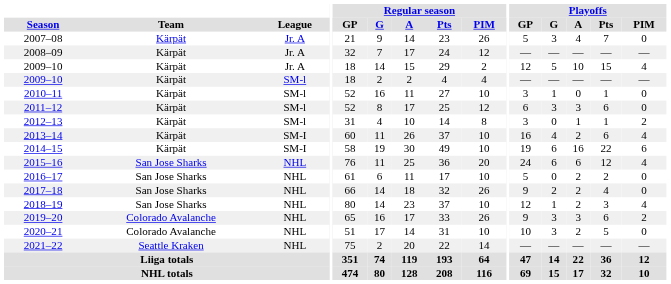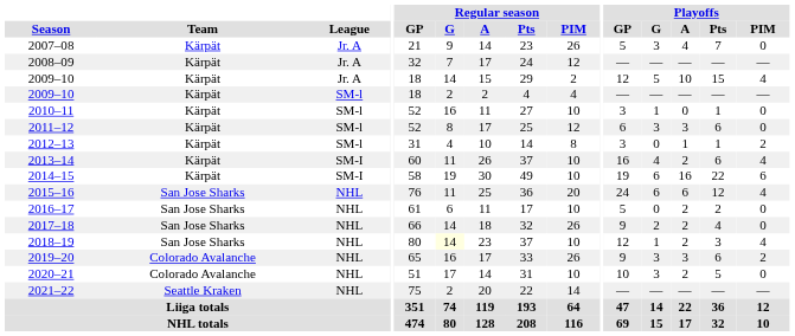 <table border="0" cellpadding="1" cellspacing="0" style="text-align:center; width:60em">
 <tr bgcolor="#e0e0e0">
 <th colspan="3" bgcolor="#ffffff"></th>
 <th rowspan="99" bgcolor="#ffffff"></th>
 <th colspan="5"><a href='#'>Regular season</a></th>
 <th rowspan="99" bgcolor="#ffffff"></th>
 <th colspan="5"><a href='#'>Playoffs</a></th>
 </tr>
 <tr bgcolor="#e0e0e0">
 <th><a href='#'>Season</a></th>
 <th>Team</th>
 <th>League</th>
 <th>GP</th>
 <th><a href='#'>G</a></th>
 <th><a href='#'>A</a></th>
 <th><a href='#'>Pts</a></th>
 <th><a href='#'>PIM</a></th>
 <th>GP</th>
 <th>G</th>
 <th>A</th>
 <th>Pts</th>
 <th>PIM</th>
 </tr>
 <tr>
 <td>2007–08</td>
 <td><a href='#'>Kärpät</a></td>
 <td><a href='#'>Jr. A</a></td>
 <td>21</td>
 <td>9</td>
 <td>14</td>
 <td>23</td>
 <td>26</td>
 <td>5</td>
 <td>3</td>
 <td>4</td>
 <td>7</td>
 <td>0</td>
 </tr>
 <tr bgcolor="#f0f0f0">
 <td>2008–09</td>
 <td>Kärpät</td>
 <td>Jr. A</td>
 <td>32</td>
 <td>7</td>
 <td>17</td>
 <td>24</td>
 <td>12</td>
 <td>—</td>
 <td>—</td>
 <td>—</td>
 <td>—</td>
 <td>—</td>
 </tr>
 <tr>
 <td>2009–10</td>
 <td>Kärpät</td>
 <td>Jr. A</td>
 <td>18</td>
 <td>14</td>
 <td>15</td>
 <td>29</td>
 <td>2</td>
 <td>12</td>
 <td>5</td>
 <td>10</td>
 <td>15</td>
 <td>4</td>
 </tr>
 <tr bgcolor="#f0f0f0">
 <td><a href='#'>2009–10</a></td>
 <td>Kärpät</td>
 <td><a href='#'>SM-l</a></td>
 <td>18</td>
 <td>2</td>
 <td>2</td>
 <td>4</td>
 <td>4</td>
 <td>—</td>
 <td>—</td>
 <td>—</td>
 <td>—</td>
 <td>—</td>
 </tr>
 <tr>
 <td><a href='#'>2010–11</a></td>
 <td>Kärpät</td>
 <td>SM-l</td>
 <td>52</td>
 <td>16</td>
 <td>11</td>
 <td>27</td>
 <td>10</td>
 <td>3</td>
 <td>1</td>
 <td>0</td>
 <td>1</td>
 <td>0</td>
 </tr>
 <tr bgcolor="#f0f0f0">
 <td><a href='#'>2011–12</a></td>
 <td>Kärpät</td>
 <td>SM-l</td>
 <td>52</td>
 <td>8</td>
 <td>17</td>
 <td>25</td>
 <td>12</td>
 <td>6</td>
 <td>3</td>
 <td>3</td>
 <td>6</td>
 <td>0</td>
 </tr>
 <tr>
 <td><a href='#'>2012–13</a></td>
 <td>Kärpät</td>
 <td>SM-l</td>
 <td>31</td>
 <td>4</td>
 <td>10</td>
 <td>14</td>
 <td>8</td>
 <td>3</td>
 <td>0</td>
 <td>1</td>
 <td>1</td>
 <td>2</td>
 </tr>
 <tr bgcolor="#f0f0f0">
 <td><a href='#'>2013–14</a></td>
 <td>Kärpät</td>
 <td>SM-I</td>
 <td>60</td>
 <td>11</td>
 <td>26</td>
 <td>37</td>
 <td>10</td>
 <td>16</td>
 <td>4</td>
 <td>2</td>
 <td>6</td>
 <td>4</td>
 </tr>
 <tr>
 <td><a href='#'>2014–15</a></td>
 <td>Kärpät</td>
 <td>SM-I</td>
 <td>58</td>
 <td>19</td>
 <td>30</td>
 <td>49</td>
 <td>10</td>
 <td>19</td>
 <td>6</td>
 <td>16</td>
 <td>22</td>
 <td>6</td>
 </tr>
 <tr bgcolor="#f0f0f0">
 <td><a href='#'>2015–16</a></td>
 <td><a href='#'>San Jose Sharks</a></td>
 <td><a href='#'>NHL</a></td>
 <td>76</td>
 <td>11</td>
 <td>25</td>
 <td>36</td>
 <td>20</td>
 <td>24</td>
 <td>6</td>
 <td>6</td>
 <td>12</td>
 <td>4</td>
 </tr>
 <tr>
 <td><a href='#'>2016–17</a></td>
 <td>San Jose Sharks</td>
 <td>NHL</td>
 <td>61</td>
 <td>6</td>
 <td>11</td>
 <td>17</td>
 <td>10</td>
 <td>5</td>
 <td>0</td>
 <td>2</td>
 <td>2</td>
 <td>0</td>
 </tr>
 <tr bgcolor="#f0f0f0">
 <td><a href='#'>2017–18</a></td>
 <td>San Jose Sharks</td>
 <td>NHL</td>
 <td>66</td>
 <td>14</td>
 <td>18</td>
 <td>32</td>
 <td>26</td>
 <td>9</td>
 <td>2</td>
 <td>2</td>
 <td>4</td>
 <td>0</td>
 </tr>
 <tr>
 <td><a href='#'>2018–19</a></td>
 <td>San Jose Sharks</td>
 <td>NHL</td>
 <td>80</td>
-<td>14</td>
+<td style="background: lightyellow;">14</td>
 <td>23</td>
 <td>37</td>
 <td>10</td>
 <td>12</td>
 <td>1</td>
 <td>2</td>
 <td>3</td>
 <td>4</td>
 </tr>
 <tr bgcolor="#f0f0f0">
 <td><a href='#'>2019–20</a></td>
 <td><a href='#'>Colorado Avalanche</a></td>
 <td>NHL</td>
 <td>65</td>
 <td>16</td>
 <td>17</td>
 <td>33</td>
 <td>26</td>
 <td>9</td>
 <td>3</td>
 <td>3</td>
 <td>6</td>
 <td>2</td>
 </tr>
 <tr>
 <td><a href='#'>2020–21</a></td>
 <td>Colorado Avalanche</td>
 <td>NHL</td>
 <td>51</td>
 <td>17</td>
 <td>14</td>
 <td>31</td>
 <td>10</td>
 <td>10</td>
 <td>3</td>
 <td>2</td>
 <td>5</td>
 <td>0</td>
 </tr>
 <tr bgcolor="#f0f0f0">
 <td><a href='#'>2021–22</a></td>
 <td><a href='#'>Seattle Kraken</a></td>
 <td>NHL</td>
 <td>75</td>
 <td>2</td>
 <td>20</td>
 <td>22</td>
 <td>14</td>
 <td>—</td>
 <td>—</td>
 <td>—</td>
 <td>—</td>
 <td>—</td>
 </tr>
 <tr bgcolor="#e0e0e0">
 <th colspan="3">Liiga totals</th>
 <th>351</th>
 <th>74</th>
 <th>119</th>
 <th>193</th>
 <th>64</th>
 <th>47</th>
 <th>14</th>
 <th>22</th>
 <th>36</th>
 <th>12</th>
 </tr>
 <tr bgcolor="#e0e0e0">
 <th colspan="3">NHL totals</th>
 <th>474</th>
 <th>80</th>
 <th>128</th>
 <th>208</th>
 <th>116</th>
 <th>69</th>
 <th>15</th>
 <th>17</th>
 <th>32</th>
 <th>10</th>
 </tr>
 </table>
